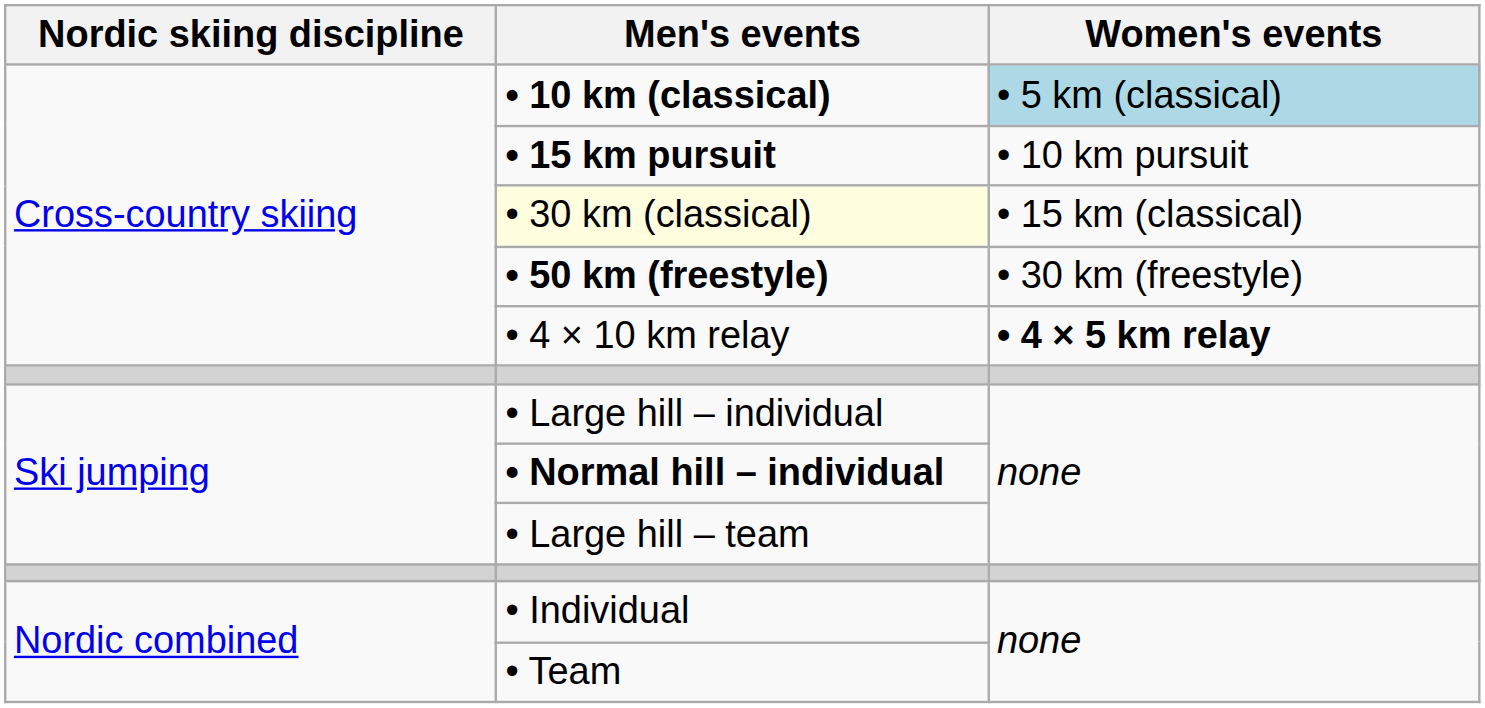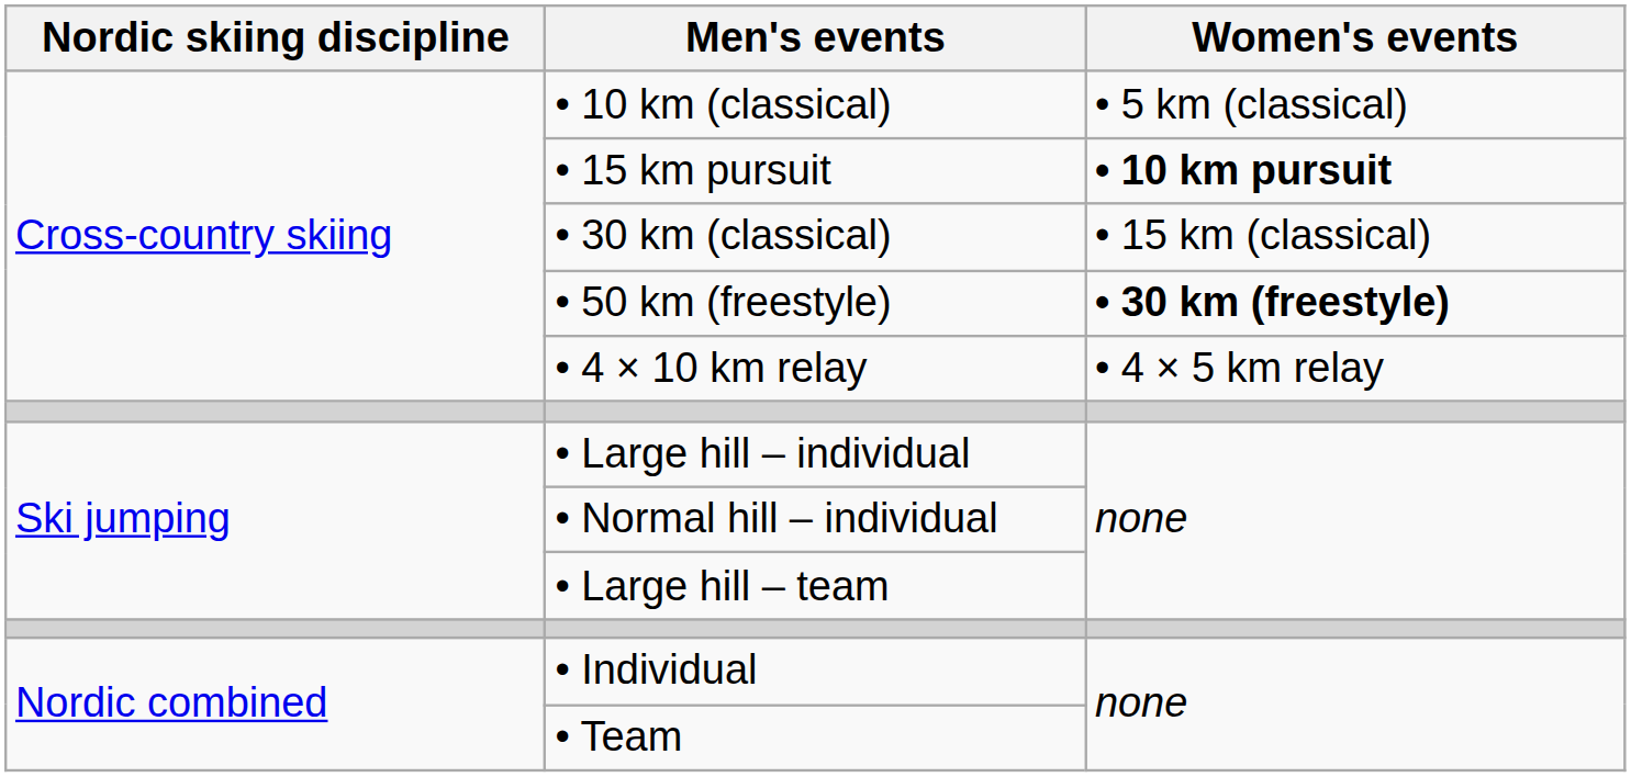 <table class="wikitable">
 <tr>
 <th width=200!>Nordic skiing discipline</th>
 <th width=200!>Men's events</th>
 <th width=200!>Women's events</th>
 </tr>
 <tr>
 <td rowspan=5><a href='#'>Cross-country skiing</a></td>
-<td><strong>• 10 km (classical)</strong></td>
-<td style="background: lightblue;">• 5 km (classical)</td>
+<td>• 10 km (classical)</td>
+<td>• 5 km (classical)</td>
 </tr>
 <tr>
-<td><strong>• 15 km pursuit</strong></td>
-<td>• 10 km pursuit</td>
+<td>• 15 km pursuit</td>
+<td><strong>• 10 km pursuit</strong></td>
 </tr>
 <tr>
-<td style="background: lightyellow;">• 30 km (classical)</td>
+<td>• 30 km (classical)</td>
 <td>• 15 km (classical)</td>
 </tr>
 <tr>
-<td><strong>• 50 km (freestyle)</strong></td>
-<td>• 30 km (freestyle)</td>
+<td>• 50 km (freestyle)</td>
+<td><strong>• 30 km (freestyle)</strong></td>
 </tr>
 <tr>
 <td>• 4 × 10 km relay</td>
-<td><strong>• 4 × 5 km relay</strong></td>
+<td>• 4 × 5 km relay</td>
 </tr>
 <tr bgcolor=lightgray>
 <td></td>
 <td></td>
 <td></td>
 </tr>
 <tr>
 <td rowspan=3><a href='#'>Ski jumping</a></td>
 <td>• Large hill – individual</td>
 <td rowspan=3><em>none</em></td>
 </tr>
 <tr>
-<td><strong>• Normal hill – individual</strong></td>
+<td>• Normal hill – individual</td>
 </tr>
 <tr>
 <td>• Large hill – team</td>
 </tr>
 <tr bgcolor=lightgray>
 <td></td>
 <td></td>
 <td></td>
 </tr>
 <tr>
 <td rowspan=2><a href='#'>Nordic combined</a></td>
 <td>• Individual</td>
 <td rowspan=2><em>none</em></td>
 </tr>
 <tr>
 <td>• Team</td>
 </tr>
 </table>
